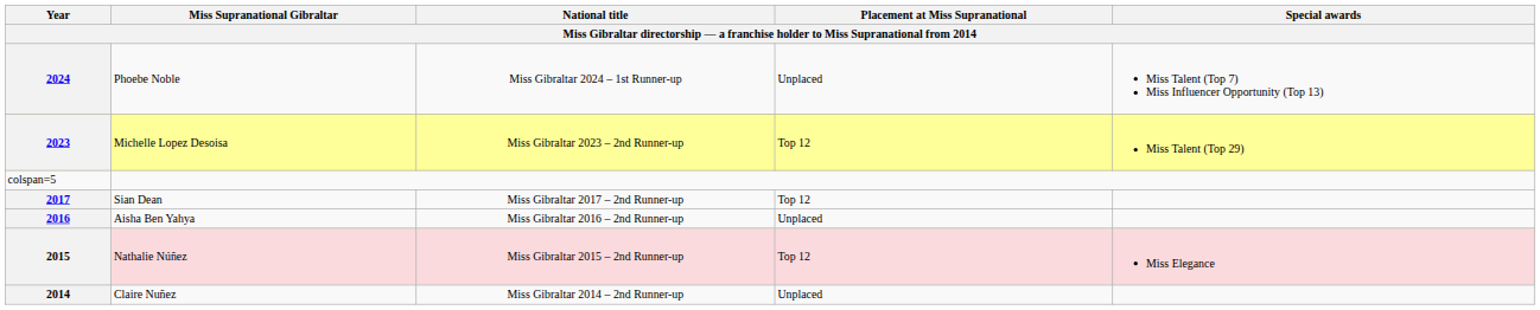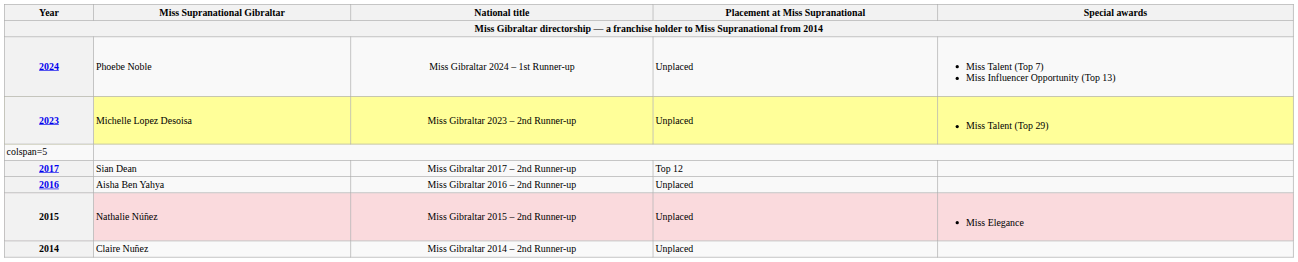 <table class="wikitable " style="font-size: 95%; width:100%">
 <tr>
 <th>Year</th>
 <th>Miss Supranational Gibraltar</th>
 <th>National title</th>
 <th>Placement at Miss Supranational</th>
 <th>Special awards</th>
 </tr>
 <tr>
 <th colspan="5">Miss Gibraltar directorship — a franchise holder to Miss Supranational from 2014</th>
 </tr>
 <tr>
 <th><a href='#'>2024</a></th>
 <td>Phoebe Noble</td>
 <td align="center">Miss Gibraltar 2024 – 1st Runner-up</td>
 <td>Unplaced</td>
 <td><br><ul><li>Miss Talent (Top 7)</li><li>Miss Influencer Opportunity (Top 13)</li></ul></td>
 </tr>
 <tr style="background-color:#FFFF99; ">
 <th><a href='#'>2023</a></th>
 <td>Michelle Lopez Desoisa</td>
 <td align="center">Miss Gibraltar 2023 – 2nd Runner-up</td>
-<td>Top 12</td>
+<td>Unplaced</td>
 <td><br><ul><li>Miss Talent (Top 29)</li></ul></td>
 </tr>
 <tr>
 <td>colspan=5 </td>
 </tr>
 <tr>
 <th><a href='#'>2017</a></th>
 <td>Sian Dean</td>
 <td align="center">Miss Gibraltar 2017 – 2nd Runner-up</td>
 <td>Top 12</td>
 <td></td>
 </tr>
 <tr>
 <th><a href='#'>2016</a></th>
 <td>Aisha Ben Yahya</td>
 <td align="center">Miss Gibraltar 2016 – 2nd Runner-up</td>
 <td>Unplaced</td>
 <td></td>
 </tr>
 <tr style="background-color:#FADADD; ">
 <th>2015</th>
 <td>Nathalie Núñez</td>
 <td align="center">Miss Gibraltar 2015 – 2nd Runner-up</td>
-<td>Top 12</td>
+<td>Unplaced</td>
 <td><br><ul><li>Miss Elegance</li></ul></td>
 </tr>
 <tr>
 <th>2014</th>
 <td>Claire Nuñez</td>
 <td align="center">Miss Gibraltar 2014 – 2nd Runner-up</td>
 <td>Unplaced</td>
 <td></td>
 </tr>
 </table>
